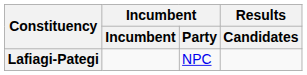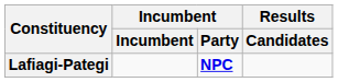 <table class="wikitable sortable">
 <tr>
 <th rowspan="2">Constituency</th>
 <th colspan="2">Incumbent</th>
 <th>Results</th>
 </tr>
 <tr valign="bottom">
 <th>Incumbent</th>
 <th>Party</th>
 <th>Candidates</th>
 </tr>
 <tr>
 <th>Lafiagi-Pategi</th>
 <td></td>
-<td><a href='#'>NPC</a></td>
+<td><strong><a href='#'>NPC</a></strong></td>
 <td nowrap=""></td>
 </tr>
 </table>
